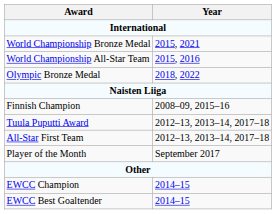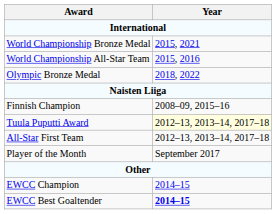 <table class="wikitable">
 <tr>
 <th scope="col">Award</th>
 <th scope="col">Year</th>
 </tr>
 <tr>
 <th colspan="2" style="text-align:center; background:#F5FCFF;">International</th>
 </tr>
 <tr>
 <td><a href='#'>World Championship</a> Bronze Medal</td>
 <td><a href='#'>2015</a>, <a href='#'>2021</a></td>
 </tr>
 <tr>
 <td><a href='#'>World Championship</a> All-Star Team</td>
 <td><a href='#'>2015</a>, <a href='#'>2016</a></td>
 </tr>
 <tr>
 <td><a href='#'>Olympic</a> Bronze Medal</td>
 <td><a href='#'>2018</a>, <a href='#'>2022</a></td>
 </tr>
 <tr>
 <th colspan="2" style="text-align:center; background:#F5FCFF;">Naisten Liiga</th>
 </tr>
 <tr>
 <td>Finnish Champion</td>
 <td>2008–09, 2015–16</td>
 </tr>
 <tr>
 <td><a href='#'>Tuula Puputti Award</a></td>
-<td>2012–13, 2013–14, 2017–18</td>
+<td style="background: lightyellow;">2012–13, 2013–14, 2017–18</td>
 </tr>
 <tr>
 <td><a href='#'>All-Star</a> First Team</td>
 <td>2012–13, 2013–14, 2017–18</td>
 </tr>
 <tr>
 <td>Player of the Month</td>
 <td>September 2017</td>
 </tr>
 <tr>
 <th colspan="2" style="text-align:center; background:#F5FCFF;">Other</th>
 </tr>
 <tr>
 <td><a href='#'>EWCC</a> Champion</td>
 <td><a href='#'>2014–15</a></td>
 </tr>
 <tr>
 <td><a href='#'>EWCC</a> Best Goaltender</td>
-<td><a href='#'>2014–15</a></td>
+<td><strong><a href='#'>2014–15</a></strong></td>
 </tr>
 </table>
